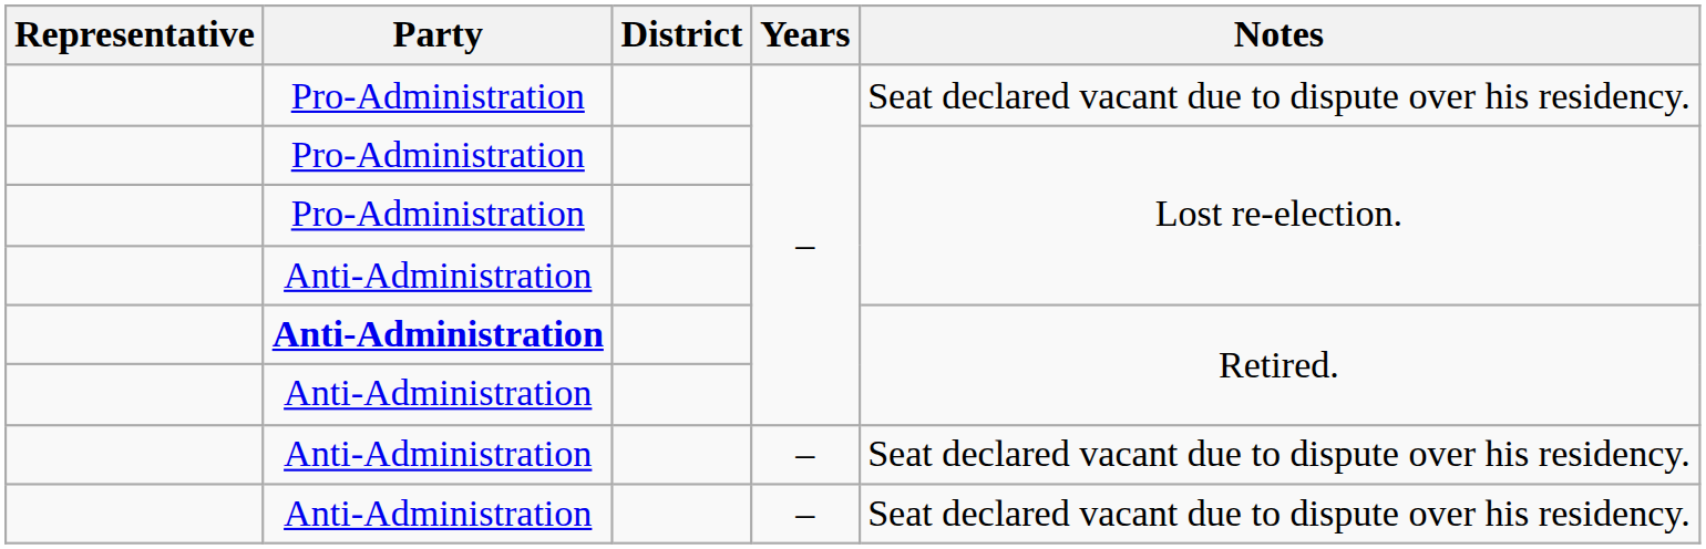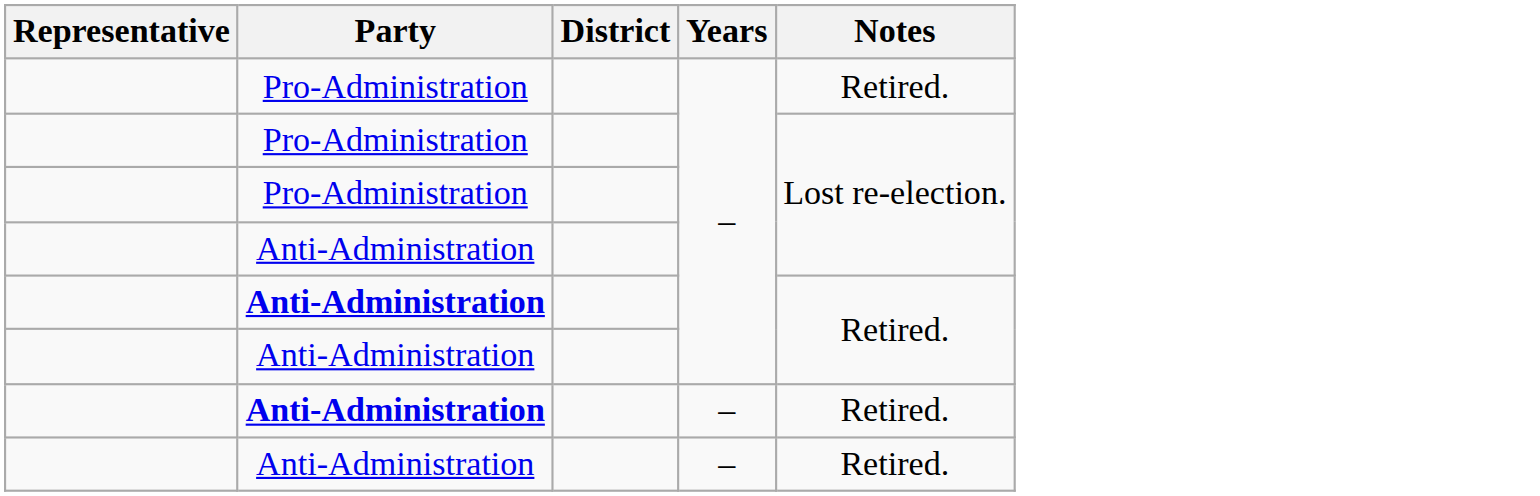 <table class="wikitable sortable" style="text-align:center">
 <tr valign=bottom>
 <th>Representative</th>
 <th>Party</th>
 <th>District</th>
 <th>Years</th>
 <th>Notes</th>
 </tr>
 <tr>
 <td align=left></td>
 <td><a href='#'>Pro-Administration</a></td>
 <td></td>
 <td rowspan="6" nowrap=""> –<br></td>
-<td>Seat declared vacant due to dispute over his residency.</td>
+<td>Retired.</td>
 </tr>
 <tr>
 <td align=left></td>
 <td><a href='#'>Pro-Administration</a></td>
 <td></td>
 <td rowspan="3">Lost re-election.</td>
 </tr>
 <tr>
 <td align=left></td>
 <td><a href='#'>Pro-Administration</a></td>
 <td></td>
 </tr>
 <tr>
 <td align=left></td>
 <td><a href='#'>Anti-Administration</a></td>
 <td></td>
 </tr>
 <tr>
 <td align=left></td>
 <td><strong><a href='#'>Anti-Administration</a></strong></td>
 <td></td>
 <td rowspan="2">Retired.</td>
 </tr>
 <tr>
 <td align=left></td>
 <td><a href='#'>Anti-Administration</a></td>
 <td></td>
 </tr>
 <tr>
 <td align=left></td>
-<td><a href='#'>Anti-Administration</a></td>
+<td><strong><a href='#'>Anti-Administration</a></strong></td>
 <td></td>
 <td nowrap> –<br></td>
-<td>Seat declared vacant due to dispute over his residency.</td>
+<td>Retired.</td>
 </tr>
 <tr>
 <td align=left></td>
 <td><a href='#'>Anti-Administration</a></td>
 <td></td>
 <td nowrap> –<br></td>
-<td>Seat declared vacant due to dispute over his residency.</td>
+<td>Retired.</td>
 </tr>
 </table>
